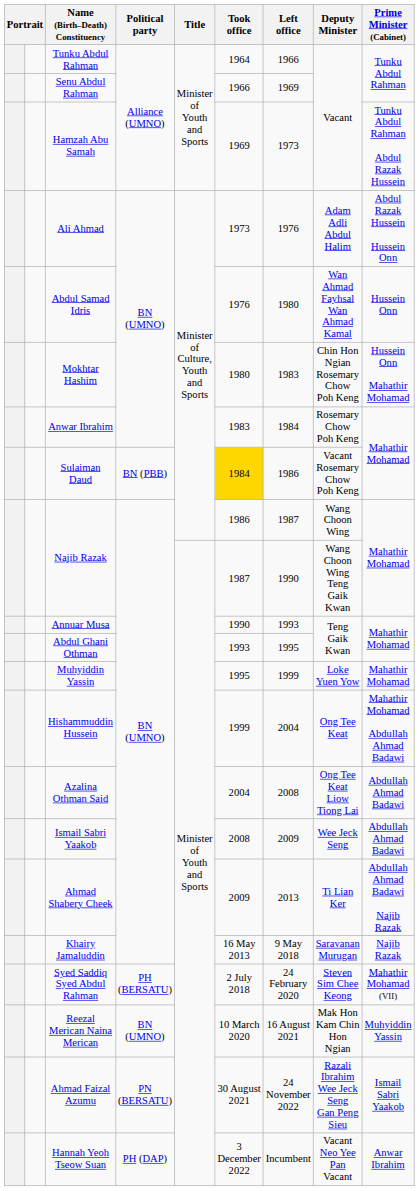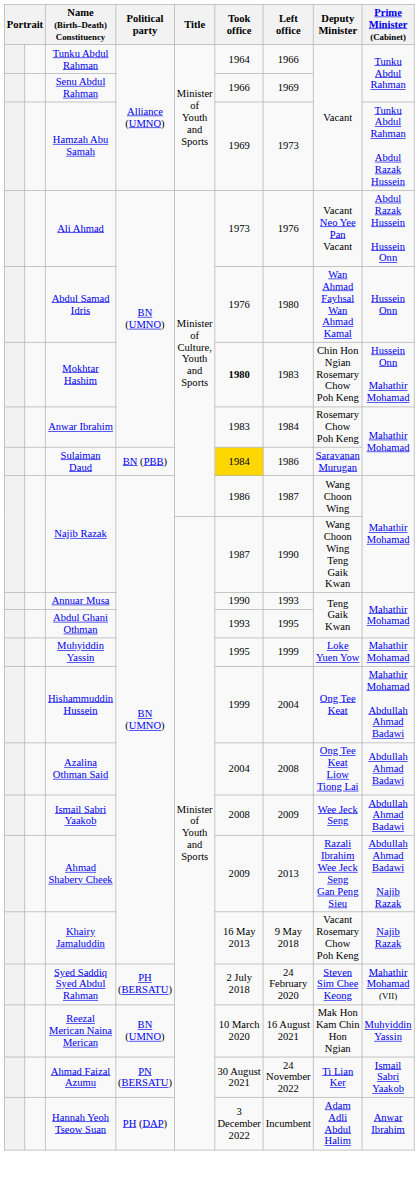 <table class="wikitable" style="text-align:center;">
 <tr>
 <th colspan=2>Portrait</th>
 <th>Name<br><small>(Birth–Death)<br>Constituency</small></th>
 <th>Political party</th>
 <th>Title</th>
 <th>Took office</th>
 <th>Left office</th>
 <th>Deputy Minister</th>
 <th><a href='#'>Prime Minister</a><br><small>(Cabinet)</small></th>
 </tr>
 <tr>
 <th style="background:"></th>
 <td></td>
 <td><a href='#'>Tunku Abdul Rahman</a><br></td>
 <td rowspan=3><a href='#'>Alliance</a> (<a href='#'>UMNO</a>)</td>
 <td rowspan=3>Minister of Youth and Sports</td>
 <td>1964</td>
 <td>1966</td>
 <td rowspan="3">Vacant</td>
 <td rowspan="2"><a href='#'>Tunku Abdul Rahman</a><br></td>
 </tr>
 <tr>
 <th style="background:"></th>
 <td></td>
 <td><a href='#'>Senu Abdul Rahman</a><br></td>
 <td>1966</td>
 <td>1969</td>
 </tr>
 <tr>
 <th style="background:"></th>
 <td></td>
 <td><a href='#'>Hamzah Abu Samah</a><br></td>
 <td>1969</td>
 <td>1973</td>
 <td><a href='#'>Tunku Abdul Rahman</a><br><br><a href='#'>Abdul Razak Hussein</a><br></td>
 </tr>
 <tr>
 <th style="background:"></th>
 <td></td>
 <td><a href='#'>Ali Ahmad</a> <br></td>
 <td rowspan=4><a href='#'>BN</a> (<a href='#'>UMNO</a>)</td>
 <td rowspan=6>Minister of Culture, Youth and Sports</td>
 <td>1973</td>
 <td>1976</td>
-<td><a href='#'>Adam Adli Abdul Halim</a></td>
+<td>Vacant  <a href='#'>Neo Yee Pan</a>  Vacant </td>
 <td><a href='#'>Abdul Razak Hussein</a><br><br><a href='#'>Hussein Onn</a><br></td>
 </tr>
 <tr>
 <th style="background:"></th>
 <td></td>
 <td><a href='#'>Abdul Samad Idris</a><br></td>
 <td>1976</td>
 <td>1980</td>
 <td><a href='#'>Wan Ahmad Fayhsal Wan Ahmad Kamal</a></td>
 <td><a href='#'>Hussein Onn</a><br></td>
 </tr>
 <tr>
 <th style="background:"></th>
 <td></td>
 <td><a href='#'>Mokhtar Hashim</a><br></td>
-<td>1980</td>
+<td><strong>1980</strong></td>
 <td>1983</td>
 <td>Chin Hon Ngian  Rosemary Chow Poh Keng </td>
 <td><a href='#'>Hussein Onn</a><br><br><a href='#'>Mahathir Mohamad</a><br></td>
 </tr>
 <tr>
 <th style="background:"></th>
 <td></td>
 <td><a href='#'>Anwar Ibrahim</a><br></td>
 <td>1983</td>
 <td>1984</td>
 <td>Rosemary Chow Poh Keng</td>
 <td rowspan="2"><a href='#'>Mahathir Mohamad</a><br></td>
 </tr>
 <tr>
 <th style="background:"></th>
 <td></td>
 <td><a href='#'>Sulaiman Daud</a><br></td>
 <td><a href='#'>BN</a> (<a href='#'>PBB</a>)</td>
 <td style="background: gold;">1984</td>
 <td>1986</td>
-<td>Vacant  Rosemary Chow Poh Keng </td>
+<td><a href='#'>Saravanan Murugan</a></td>
 </tr>
 <tr>
 <th rowspan=2 style="background:"></th>
 <td rowspan=2></td>
 <td rowspan=2><a href='#'>Najib Razak</a><br></td>
 <td rowspan=10><a href='#'>BN</a> (<a href='#'>UMNO</a>)</td>
 <td>1986</td>
 <td>1987</td>
 <td>Wang Choon Wing</td>
 <td rowspan="2"><a href='#'>Mahathir Mohamad</a><br></td>
 </tr>
 <tr>
 <td rowspan=13>Minister of Youth and Sports</td>
 <td>1987</td>
 <td>1990</td>
 <td>Wang Choon Wing  Teng Gaik Kwan </td>
 </tr>
 <tr>
 <th style="background:"></th>
 <td></td>
 <td><a href='#'>Annuar Musa</a><br></td>
 <td>1990</td>
 <td>1993</td>
 <td rowspan="2">Teng Gaik Kwan</td>
 <td rowspan="2"><a href='#'>Mahathir Mohamad</a><br></td>
 </tr>
 <tr>
 <th style="background:"></th>
 <td></td>
 <td><a href='#'>Abdul Ghani Othman</a><br></td>
 <td>1993</td>
 <td>1995</td>
 </tr>
 <tr>
 <th style="background:"></th>
 <td></td>
 <td><a href='#'>Muhyiddin Yassin</a><br></td>
 <td>1995</td>
 <td>1999</td>
 <td><a href='#'>Loke Yuen Yow</a></td>
 <td><a href='#'>Mahathir Mohamad</a><br></td>
 </tr>
 <tr>
 <th style="background:"></th>
 <td></td>
 <td><a href='#'>Hishammuddin Hussein</a><br></td>
 <td>1999</td>
 <td>2004</td>
 <td><a href='#'>Ong Tee Keat</a></td>
 <td><a href='#'>Mahathir Mohamad</a><br><br><a href='#'>Abdullah Ahmad Badawi</a><br></td>
 </tr>
 <tr>
 <th style="background:"></th>
 <td></td>
 <td><a href='#'>Azalina Othman Said</a><br></td>
 <td>2004</td>
 <td>2008</td>
 <td><a href='#'>Ong Tee Keat</a>  <a href='#'>Liow Tiong Lai</a> </td>
 <td><a href='#'>Abdullah Ahmad Badawi</a><br></td>
 </tr>
 <tr>
 <th style="background:"></th>
 <td></td>
 <td><a href='#'>Ismail Sabri Yaakob</a><br></td>
 <td>2008</td>
 <td>2009</td>
 <td><a href='#'>Wee Jeck Seng</a></td>
 <td><a href='#'>Abdullah Ahmad Badawi</a><br></td>
 </tr>
 <tr>
 <th style="background:"></th>
 <td></td>
 <td><a href='#'>Ahmad Shabery Cheek</a><br></td>
 <td>2009</td>
 <td>2013</td>
-<td><a href='#'>Ti Lian Ker</a></td>
+<td><a href='#'>Razali Ibrahim</a>  <br> <a href='#'>Wee Jeck Seng</a> <br><a href='#'>Gan Peng Sieu</a><br></td>
 <td><a href='#'>Abdullah Ahmad Badawi</a><br><br><a href='#'>Najib Razak</a><br></td>
 </tr>
 <tr>
 <th style="background:"></th>
 <td></td>
 <td><a href='#'>Khairy Jamaluddin</a><br></td>
 <td>16 May 2013</td>
 <td>9 May 2018</td>
-<td><a href='#'>Saravanan Murugan</a></td>
+<td>Vacant  Rosemary Chow Poh Keng </td>
 <td><a href='#'>Najib Razak</a><br></td>
 </tr>
 <tr>
 <th style="background:"></th>
 <td></td>
 <td><a href='#'>Syed Saddiq Syed Abdul Rahman</a><br></td>
 <td><a href='#'>PH</a> (<a href='#'>BERSATU</a>)</td>
 <td>2 July 2018</td>
 <td>24 February 2020</td>
 <td><a href='#'>Steven Sim Chee Keong</a></td>
 <td><a href='#'>Mahathir Mohamad</a><br><small>(VII)</small></td>
 </tr>
 <tr>
 <th style="background:"></th>
 <td></td>
 <td><a href='#'>Reezal Merican Naina Merican</a><br></td>
 <td><a href='#'>BN</a> (<a href='#'>UMNO</a>)</td>
 <td>10 March 2020</td>
 <td>16 August 2021</td>
 <td>Mak Hon Kam  Chin Hon Ngian </td>
 <td><a href='#'>Muhyiddin Yassin</a><br></td>
 </tr>
 <tr>
 <th style="background:"></th>
 <td></td>
 <td><a href='#'>Ahmad Faizal Azumu</a><br></td>
 <td><a href='#'>PN</a> (<a href='#'>BERSATU</a>)</td>
 <td>30 August 2021</td>
 <td>24 November 2022</td>
-<td><a href='#'>Razali Ibrahim</a>  <br> <a href='#'>Wee Jeck Seng</a> <br><a href='#'>Gan Peng Sieu</a><br></td>
+<td><a href='#'>Ti Lian Ker</a></td>
 <td><a href='#'>Ismail Sabri Yaakob</a><br></td>
 </tr>
 <tr>
 <th style="background:"></th>
 <td></td>
 <td><a href='#'>Hannah Yeoh Tseow Suan</a><br></td>
 <td><a href='#'>PH</a> (<a href='#'>DAP</a>)</td>
 <td>3 December 2022</td>
 <td>Incumbent</td>
-<td>Vacant  <a href='#'>Neo Yee Pan</a>  Vacant </td>
+<td><a href='#'>Adam Adli Abdul Halim</a></td>
 <td><a href='#'>Anwar Ibrahim</a><br></td>
 </tr>
 </table>
